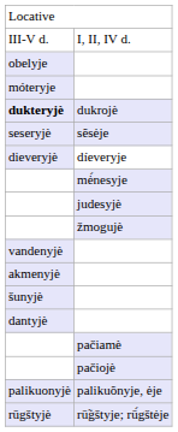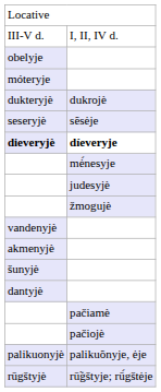 <table class=wikitable style="background: #FFFFFF; line-height: 1.3em;">
 <tr>
 <td colspan=3>Locative</td>
 </tr>
 <tr>
 <td>III-V d.</td>
 <td>I, II, IV d.</td>
 </tr>
 <tr>
 <td style="background: #E6E6FA">obelyje</td>
 <td></td>
 </tr>
 <tr>
 <td style="background: #E6E6FA">móteryje</td>
 <td></td>
 </tr>
 <tr style="background: #E6E6FA">
-<td><strong>dukteryjè</strong></td>
+<td>dukteryjè</td>
 <td>dukrojè</td>
 </tr>
 <tr style="background: #E6E6FA">
 <td>seseryjè</td>
 <td>sẽsėje</td>
 </tr>
 <tr>
-<td style="background: #E6E6FA">dieveryjè</td>
-<td>díeveryje</td>
+<td style="background: #E6E6FA"><strong>dieveryjè</strong></td>
+<td><strong>díeveryje</strong></td>
 </tr>
 <tr>
 <td></td>
 <td style="background: #E6E6FA">mė́nesyje</td>
 </tr>
 <tr>
 <td></td>
 <td style="background: #E6E6FA">judesyjè</td>
 </tr>
 <tr>
 <td></td>
 <td style="background: #E6E6FA">žmogujè</td>
 </tr>
 <tr>
 <td style="background: #E6E6FA">vandenyjè</td>
 <td></td>
 </tr>
 <tr>
 <td style="background: #E6E6FA">akmenyjè</td>
 <td></td>
 </tr>
 <tr>
 <td style="background: #E6E6FA">šunyjè</td>
 <td></td>
 </tr>
 <tr>
 <td style="background: #E6E6FA">dantyjè</td>
 <td></td>
 </tr>
 <tr>
 <td></td>
 <td style="background: #E6E6FA">pačiamè</td>
 </tr>
 <tr>
 <td></td>
 <td style="background: #E6E6FA">pačiojè</td>
 </tr>
 <tr style="background: #E6E6FA">
 <td>palikuonyjè</td>
 <td>palikuõnyje, ėje</td>
 </tr>
 <tr style="background: #E6E6FA">
 <td>rūgštyjè</td>
 <td>rū̃gštyje; rū́gštėje</td>
 </tr>
 </table>
